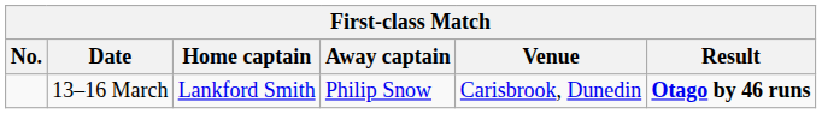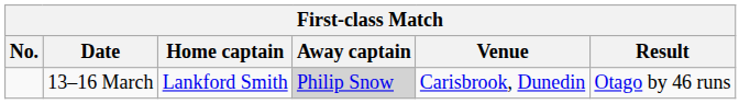 <table class="wikitable">
 <tr>
 <th colspan="9">First-class Match</th>
 </tr>
 <tr>
 <th>No.</th>
 <th>Date</th>
 <th>Home captain</th>
 <th>Away captain</th>
 <th>Venue</th>
 <th>Result</th>
 </tr>
 <tr>
 <td></td>
 <td>13–16 March</td>
 <td><a href='#'>Lankford Smith</a></td>
-<td><a href='#'>Philip Snow</a></td>
+<td style="background: lightgrey;"><a href='#'>Philip Snow</a></td>
 <td><a href='#'>Carisbrook</a>, <a href='#'>Dunedin</a></td>
-<td><strong><a href='#'>Otago</a> by 46 runs</strong></td>
+<td><a href='#'>Otago</a> by 46 runs</td>
 </tr>
 </table>
